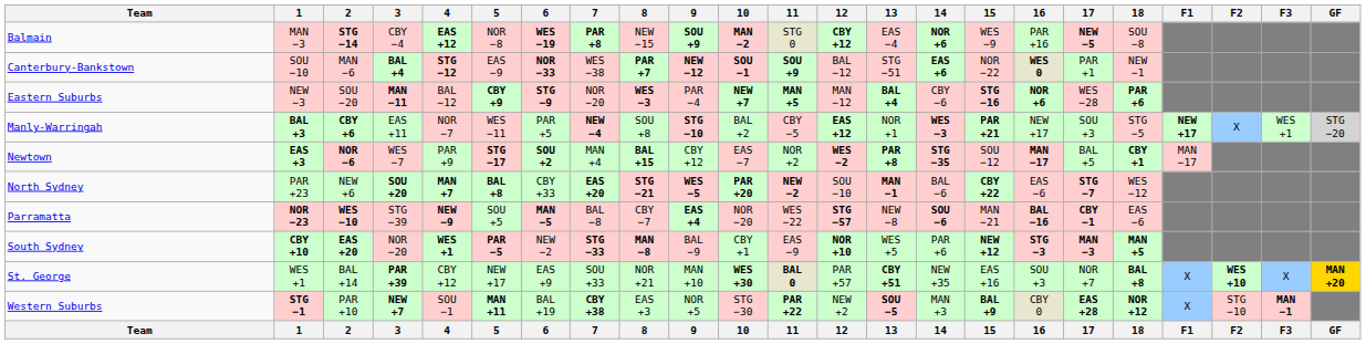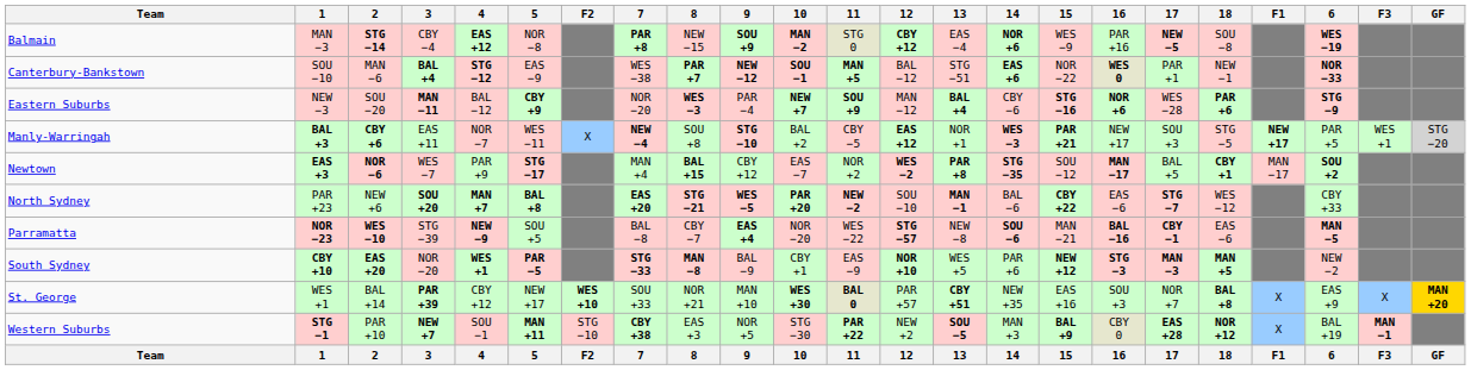 <table class="wikitable sortable" style="font-size:85%; text-align:center; width:90%">
 <tr valign="top">
 <th valign="middle">Team</th>
 <th>1</th>
 <th>2</th>
 <th>3</th>
 <th>4</th>
 <th>5</th>
-<th>6</th>
+<th>F2</th>
 <th>7</th>
 <th>8</th>
 <th>9</th>
 <th>10</th>
 <th>11</th>
 <th>12</th>
 <th>13</th>
 <th>14</th>
 <th>15</th>
 <th>16</th>
 <th>17</th>
 <th>18</th>
 <th>F1</th>
-<th>F2</th>
+<th>6</th>
 <th>F3</th>
 <th>GF</th>
 </tr>
 <tr>
 <td align="left"><a href='#'>Balmain</a></td>
 <td style="background:#FFCFCF;">MAN<br>−3</td>
 <td style="background:#FFCFCF;"><strong>STG<br>−14</strong></td>
 <td style="background:#FFCFCF;">CBY<br>−4</td>
 <td style="background:#cfc;"><strong>EAS<br>+12</strong></td>
 <td style="background:#FFCFCF;">NOR<br>−8</td>
-<td style="background:#FFCFCF;"><strong>WES<br>−19</strong></td>
+<td style="background:#808080;"></td>
 <td style="background:#cfc;"><strong>PAR<br>+8</strong></td>
 <td style="background:#FFCFCF;">NEW<br>−15</td>
 <td style="background:#cfc;"><strong>SOU<br>+9</strong></td>
 <td style="background:#FFCFCF;"><strong>MAN<br>−2</strong></td>
 <td style="background:#E6E7CE">STG<br>0</td>
 <td style="background:#cfc;"><strong>CBY<br>+12</strong></td>
 <td style="background:#FFCFCF;">EAS<br>−4</td>
 <td style="background:#cfc;"><strong>NOR<br>+6</strong></td>
 <td style="background:#FFCFCF;">WES<br>−9</td>
 <td style="background:#cfc;">PAR<br>+16</td>
 <td style="background:#FFCFCF;"><strong>NEW<br>−5</strong></td>
 <td style="background:#FFCFCF;">SOU<br>−8</td>
 <td style="background:#808080;"></td>
-<td style="background:#808080;"></td>
+<td style="background:#FFCFCF;"><strong>WES<br>−19</strong></td>
 <td style="background:#808080;"></td>
 <td style="background:#808080;"></td>
 </tr>
 <tr>
 <td align="left"><a href='#'>Canterbury-Bankstown</a></td>
 <td style="background:#FFCFCF;">SOU<br>−10</td>
 <td style="background:#FFCFCF;">MAN<br>−6</td>
 <td style="background:#cfc;"><strong>BAL<br>+4</strong></td>
 <td style="background:#FFCFCF;"><strong>STG<br>−12</strong></td>
 <td style="background:#FFCFCF;">EAS<br>−9</td>
-<td style="background:#FFCFCF;"><strong>NOR<br>−33</strong></td>
+<td style="background:#808080;"></td>
 <td style="background:#FFCFCF;">WES<br>−38</td>
 <td style="background:#cfc;"><strong>PAR<br>+7</strong></td>
 <td style="background:#FFCFCF;"><strong>NEW<br>−12</strong></td>
 <td style="background:#FFCFCF;"><strong>SOU<br>−1</strong></td>
-<td style="background:#cfc;"><strong>SOU<br>+9</strong></td>
+<td style="background:#cfc;"><strong>MAN<br>+5</strong></td>
 <td style="background:#FFCFCF;">BAL<br>−12</td>
 <td style="background:#FFCFCF;">STG<br>−51</td>
 <td style="background:#cfc;"><strong>EAS<br>+6</strong></td>
 <td style="background:#FFCFCF;">NOR<br>−22</td>
 <td style="background:#E6E7CE"><strong>WES<br>0</strong></td>
 <td style="background:#cfc;">PAR<br>+1</td>
 <td style="background:#FFCFCF;">NEW<br>−1</td>
 <td style="background:#808080;"></td>
-<td style="background:#808080;"></td>
+<td style="background:#FFCFCF;"><strong>NOR<br>−33</strong></td>
 <td style="background:#808080;"></td>
 <td style="background:#808080;"></td>
 </tr>
 <tr>
 <td align="left"><a href='#'>Eastern Suburbs</a></td>
 <td style="background:#FFCFCF;">NEW<br>−3</td>
 <td style="background:#FFCFCF;">SOU<br>−20</td>
 <td style="background:#FFCFCF;"><strong>MAN<br>−11</strong></td>
 <td style="background:#FFCFCF;">BAL<br>−12</td>
 <td style="background:#cfc;"><strong>CBY<br>+9</strong></td>
-<td style="background:#FFCFCF;"><strong>STG<br>−9</strong></td>
+<td style="background:#808080;"></td>
 <td style="background:#FFCFCF;">NOR<br>−20</td>
 <td style="background:#FFCFCF;"><strong>WES<br>−3</strong></td>
 <td style="background:#FFCFCF;">PAR<br>−4</td>
 <td style="background:#cfc;"><strong>NEW<br>+7</strong></td>
-<td style="background:#cfc;"><strong>MAN<br>+5</strong></td>
+<td style="background:#cfc;"><strong>SOU<br>+9</strong></td>
 <td style="background:#FFCFCF;">MAN<br>−12</td>
 <td style="background:#cfc;"><strong>BAL<br>+4</strong></td>
 <td style="background:#FFCFCF;">CBY<br>−6</td>
 <td style="background:#FFCFCF;"><strong>STG<br>−16</strong></td>
 <td style="background:#cfc;"><strong>NOR<br>+6</strong></td>
 <td style="background:#FFCFCF;">WES<br>−28</td>
 <td style="background:#cfc;"><strong>PAR<br>+6</strong></td>
 <td style="background:#808080;"></td>
-<td style="background:#808080;"></td>
+<td style="background:#FFCFCF;"><strong>STG<br>−9</strong></td>
 <td style="background:#808080;"></td>
 <td style="background:#808080;"></td>
 </tr>
 <tr>
 <td align="left"><a href='#'>Manly-Warringah</a></td>
 <td style="background:#cfc;"><strong>BAL<br>+3</strong></td>
 <td style="background:#cfc;"><strong>CBY<br>+6</strong></td>
 <td style="background:#cfc;">EAS<br>+11</td>
 <td style="background:#FFCFCF;">NOR<br>−7</td>
 <td style="background:#FFCFCF;">WES<br>−11</td>
-<td style="background:#cfc;">PAR<br>+5</td>
+<td style="background:#99ccff;">X</td>
 <td style="background:#FFCFCF;"><strong>NEW<br>−4</strong></td>
 <td style="background:#cfc;">SOU<br>+8</td>
 <td style="background:#FFCFCF;"><strong>STG<br>−10</strong></td>
 <td style="background:#cfc;">BAL<br>+2</td>
 <td style="background:#FFCFCF;">CBY<br>−5</td>
 <td style="background:#cfc;"><strong>EAS<br>+12</strong></td>
 <td style="background:#cfc;">NOR<br>+1</td>
 <td style="background:#FFCFCF;"><strong>WES<br>−3</strong></td>
 <td style="background:#cfc;"><strong>PAR<br>+21</strong></td>
 <td style="background:#cfc;">NEW<br>+17</td>
 <td style="background:#cfc;">SOU<br>+3</td>
 <td style="background:#FFCFCF;">STG<br>−5</td>
 <td style="background:#cfc;"><strong>NEW<br>+17</strong></td>
-<td style="background:#99ccff;">X</td>
+<td style="background:#cfc;">PAR<br>+5</td>
 <td style="background:#cfc;">WES<br>+1</td>
 <td style="background:#D3D3D3;">STG<br>−20</td>
 </tr>
 <tr>
 <td align="left"><a href='#'>Newtown</a></td>
 <td style="background:#cfc;"><strong>EAS<br>+3</strong></td>
 <td style="background:#FFCFCF;"><strong>NOR<br>−6</strong></td>
 <td style="background:#FFCFCF;">WES<br>−7</td>
 <td style="background:#cfc;">PAR<br>+9</td>
 <td style="background:#FFCFCF;"><strong>STG<br>−17</strong></td>
-<td style="background:#cfc;"><strong>SOU<br>+2</strong></td>
+<td style="background:#808080;"></td>
 <td style="background:#cfc;">MAN<br>+4</td>
 <td style="background:#cfc;"><strong>BAL<br>+15</strong></td>
 <td style="background:#cfc;">CBY<br>+12</td>
 <td style="background:#FFCFCF;">EAS<br>−7</td>
 <td style="background:#cfc;">NOR<br>+2</td>
 <td style="background:#FFCFCF;"><strong>WES<br>−2</strong></td>
 <td style="background:#cfc;"><strong>PAR<br>+8</strong></td>
 <td style="background:#FFCFCF;"><strong>STG<br>−35</strong></td>
 <td style="background:#FFCFCF;">SOU<br>−12</td>
 <td style="background:#FFCFCF;"><strong>MAN<br>−17</strong></td>
 <td style="background:#cfc;">BAL<br>+5</td>
 <td style="background:#cfc;"><strong>CBY<br>+1</strong></td>
 <td style="background:#FFCFCF;">MAN<br>−17</td>
-<td style="background:#808080;"></td>
+<td style="background:#cfc;"><strong>SOU<br>+2</strong></td>
 <td style="background:#808080;"></td>
 <td style="background:#808080;"></td>
 </tr>
 <tr>
 <td align="left"><a href='#'>North Sydney</a></td>
 <td style="background:#cfc;">PAR<br>+23</td>
 <td style="background:#cfc;">NEW<br>+6</td>
 <td style="background:#cfc;"><strong>SOU<br>+20</strong></td>
 <td style="background:#cfc;"><strong>MAN<br>+7</strong></td>
 <td style="background:#cfc;"><strong>BAL<br>+8</strong></td>
-<td style="background:#cfc;">CBY<br>+33</td>
+<td style="background:#808080;"></td>
 <td style="background:#cfc;"><strong>EAS<br>+20</strong></td>
 <td style="background:#FFCFCF;"><strong>STG<br>−21</strong></td>
 <td style="background:#FFCFCF;"><strong>WES<br>−5</strong></td>
 <td style="background:#cfc;"><strong>PAR<br>+20</strong></td>
 <td style="background:#FFCFCF;"><strong>NEW<br>−2</strong></td>
 <td style="background:#FFCFCF;">SOU<br>−10</td>
 <td style="background:#FFCFCF;"><strong>MAN<br>−1</strong></td>
 <td style="background:#FFCFCF;">BAL<br>−6</td>
 <td style="background:#cfc;"><strong>CBY<br>+22</strong></td>
 <td style="background:#FFCFCF;">EAS<br>−6</td>
 <td style="background:#FFCFCF;"><strong>STG<br>−7</strong></td>
 <td style="background:#FFCFCF;">WES<br>−12</td>
 <td style="background:#808080;"></td>
-<td style="background:#808080;"></td>
+<td style="background:#cfc;">CBY<br>+33</td>
 <td style="background:#808080;"></td>
 <td style="background:#808080;"></td>
 </tr>
 <tr>
 <td align="left"><a href='#'>Parramatta</a></td>
 <td style="background:#FFCFCF;"><strong>NOR<br>−23</strong></td>
 <td style="background:#FFCFCF;"><strong>WES<br>−10</strong></td>
 <td style="background:#FFCFCF;">STG<br>−39</td>
 <td style="background:#FFCFCF;"><strong>NEW<br>−9</strong></td>
 <td style="background:#cfc;">SOU<br>+5</td>
-<td style="background:#FFCFCF;"><strong>MAN<br>−5</strong></td>
+<td style="background:#808080;"></td>
 <td style="background:#FFCFCF;">BAL<br>−8</td>
 <td style="background:#FFCFCF;">CBY<br>−7</td>
 <td style="background:#cfc;"><strong>EAS<br>+4</strong></td>
 <td style="background:#FFCFCF;">NOR<br>−20</td>
 <td style="background:#FFCFCF;">WES<br>−22</td>
 <td style="background:#FFCFCF;"><strong>STG<br>−57</strong></td>
 <td style="background:#FFCFCF;">NEW<br>−8</td>
 <td style="background:#FFCFCF;"><strong>SOU<br>−6</strong></td>
 <td style="background:#FFCFCF;">MAN<br>−21</td>
 <td style="background:#FFCFCF;"><strong>BAL<br>−16</strong></td>
 <td style="background:#FFCFCF;"><strong>CBY<br>−1</strong></td>
 <td style="background:#FFCFCF;">EAS<br>−6</td>
 <td style="background:#808080;"></td>
-<td style="background:#808080;"></td>
+<td style="background:#FFCFCF;"><strong>MAN<br>−5</strong></td>
 <td style="background:#808080;"></td>
 <td style="background:#808080;"></td>
 </tr>
 <tr>
 <td align="left"><a href='#'>South Sydney</a></td>
 <td style="background:#cfc;"><strong>CBY<br>+10</strong></td>
 <td style="background:#cfc;"><strong>EAS<br>+20</strong></td>
 <td style="background:#FFCFCF;">NOR<br>−20</td>
 <td style="background:#cfc;"><strong>WES<br>+1</strong></td>
 <td style="background:#FFCFCF;"><strong>PAR<br>−5</strong></td>
-<td style="background:#FFCFCF;">NEW<br>−2</td>
+<td style="background:#808080;"></td>
 <td style="background:#FFCFCF;"><strong>STG<br>−33</strong></td>
 <td style="background:#FFCFCF;"><strong>MAN<br>−8</strong></td>
 <td style="background:#FFCFCF;">BAL<br>−9</td>
 <td style="background:#cfc;">CBY<br>+1</td>
 <td style="background:#FFCFCF;">EAS<br>−9</td>
 <td style="background:#cfc;"><strong>NOR<br>+10</strong></td>
 <td style="background:#cfc;">WES<br>+5</td>
 <td style="background:#cfc;">PAR<br>+6</td>
 <td style="background:#cfc;"><strong>NEW<br>+12</strong></td>
 <td style="background:#FFCFCF;"><strong>STG<br>−3</strong></td>
 <td style="background:#FFCFCF;"><strong>MAN<br>−3</strong></td>
 <td style="background:#cfc;"><strong>MAN<br>+5</strong></td>
 <td style="background:#808080;"></td>
-<td style="background:#808080;"></td>
+<td style="background:#FFCFCF;">NEW<br>−2</td>
 <td style="background:#808080;"></td>
 <td style="background:#808080;"></td>
 </tr>
 <tr>
 <td align="left"><a href='#'>St. George</a></td>
 <td style="background:#cfc;">WES<br>+1</td>
 <td style="background:#cfc;">BAL<br>+14</td>
 <td style="background:#cfc;"><strong>PAR<br>+39</strong></td>
 <td style="background:#cfc;">CBY<br>+12</td>
 <td style="background:#cfc;">NEW<br>+17</td>
-<td style="background:#cfc;">EAS<br>+9</td>
+<td style="background:#cfc;"><strong>WES<br>+10</strong></td>
 <td style="background:#cfc;">SOU<br>+33</td>
 <td style="background:#cfc;">NOR<br>+21</td>
 <td style="background:#cfc;">MAN<br>+10</td>
 <td style="background:#cfc;"><strong>WES<br>+30</strong></td>
 <td style="background:#E6E7CE"><strong>BAL<br>0</strong></td>
 <td style="background:#cfc;">PAR<br>+57</td>
 <td style="background:#cfc;"><strong>CBY<br>+51</strong></td>
 <td style="background:#cfc;">NEW<br>+35</td>
 <td style="background:#cfc;">EAS<br>+16</td>
 <td style="background:#cfc;">SOU<br>+3</td>
 <td style="background:#cfc;">NOR<br>+7</td>
 <td style="background:#cfc;"><strong>BAL<br>+8</strong></td>
 <td style="background:#99ccff;">X</td>
-<td style="background:#cfc;"><strong>WES<br>+10</strong></td>
+<td style="background:#cfc;">EAS<br>+9</td>
 <td style="background:#99ccff;">X</td>
 <td style="background:#FFD700;"><strong>MAN<br>+20</strong></td>
 </tr>
 <tr>
 <td align="left"><a href='#'>Western Suburbs</a></td>
 <td style="background:#FFCFCF;"><strong>STG<br>−1</strong></td>
 <td style="background:#cfc;">PAR<br>+10</td>
 <td style="background:#cfc;"><strong>NEW<br>+7</strong></td>
 <td style="background:#FFCFCF;">SOU<br>−1</td>
 <td style="background:#cfc;"><strong>MAN<br>+11</strong></td>
-<td style="background:#cfc;">BAL<br>+19</td>
+<td style="background:#FFCFCF;">STG<br>−10</td>
 <td style="background:#cfc;"><strong>CBY<br>+38</strong></td>
 <td style="background:#cfc;">EAS<br>+3</td>
 <td style="background:#cfc;">NOR<br>+5</td>
 <td style="background:#FFCFCF;">STG<br>−30</td>
 <td style="background:#cfc;"><strong>PAR<br>+22</strong></td>
 <td style="background:#cfc;">NEW<br>+2</td>
 <td style="background:#FFCFCF;"><strong>SOU<br>−5</strong></td>
 <td style="background:#cfc;">MAN<br>+3</td>
 <td style="background:#cfc;"><strong>BAL<br>+9</strong></td>
 <td style="background:#E6E7CE">CBY<br>0</td>
 <td style="background:#cfc;"><strong>EAS<br>+28</strong></td>
 <td style="background:#cfc;"><strong>NOR<br>+12</strong></td>
 <td style="background:#99ccff;">X</td>
-<td style="background:#FFCFCF;">STG<br>−10</td>
+<td style="background:#cfc;">BAL<br>+19</td>
 <td style="background:#FFCFCF;"><strong>MAN<br>−1</strong></td>
 <td style="background:#808080;"></td>
 </tr>
 <tr valign="top">
 <th valign="middle">Team</th>
 <th>1</th>
 <th>2</th>
 <th>3</th>
 <th>4</th>
 <th>5</th>
-<th>6</th>
+<th>F2</th>
 <th>7</th>
 <th>8</th>
 <th>9</th>
 <th>10</th>
 <th>11</th>
 <th>12</th>
 <th>13</th>
 <th>14</th>
 <th>15</th>
 <th>16</th>
 <th>17</th>
 <th>18</th>
 <th>F1</th>
-<th>F2</th>
+<th>6</th>
 <th>F3</th>
 <th>GF</th>
 </tr>
 </table>
